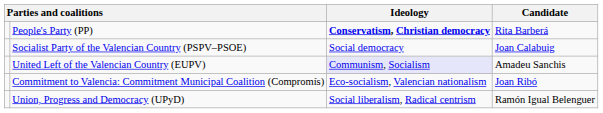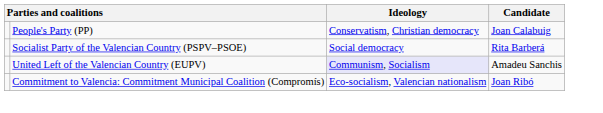 <table class="wikitable" style="font-size:95%;">
 <tr>
 <th style="text-align:left;" colspan="2">Parties and coalitions</th>
 <th>Ideology</th>
 <th>Candidate</th>
 </tr>
 <tr>
 <td width="1" style="color:inherit;background:"></td>
 <td><a href='#'>People's Party</a> (PP)</td>
-<td><strong><a href='#'>Conservatism</a>, <a href='#'>Christian democracy</a></strong></td>
-<td><a href='#'>Rita Barberá</a></td>
+<td><a href='#'>Conservatism</a>, <a href='#'>Christian democracy</a></td>
+<td><a href='#'>Joan Calabuig</a></td>
 </tr>
 <tr>
 <td style="color:inherit;background:"></td>
 <td><a href='#'>Socialist Party of the Valencian Country</a> (PSPV–PSOE)</td>
 <td><a href='#'>Social democracy</a></td>
-<td><a href='#'>Joan Calabuig</a></td>
+<td><a href='#'>Rita Barberá</a></td>
 </tr>
 <tr>
 <td style="color:inherit;background:"></td>
 <td><a href='#'>United Left of the Valencian Country</a> (EUPV)</td>
 <td style="background: lavender;"><a href='#'>Communism</a>, <a href='#'>Socialism</a></td>
 <td>Amadeu Sanchis</td>
 </tr>
 <tr>
 <td style="color:inherit;background:"></td>
 <td><a href='#'>Commitment to Valencia: Commitment Municipal Coalition</a> (Compromís)</td>
 <td><a href='#'>Eco-socialism</a>, <a href='#'>Valencian nationalism</a></td>
 <td><a href='#'>Joan Ribó</a></td>
 </tr>
-<tr>
-<td style="color:inherit;background:"></td>
-<td><a href='#'>Union, Progress and Democracy</a> (UPyD)</td>
-<td><a href='#'>Social liberalism</a>, <a href='#'>Radical centrism</a></td>
-<td>Ramón Igual Belenguer</td>
-</tr>
 </table>
